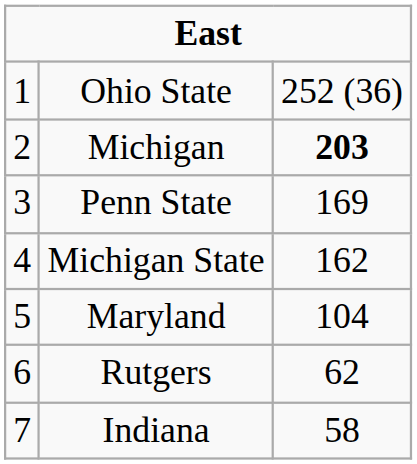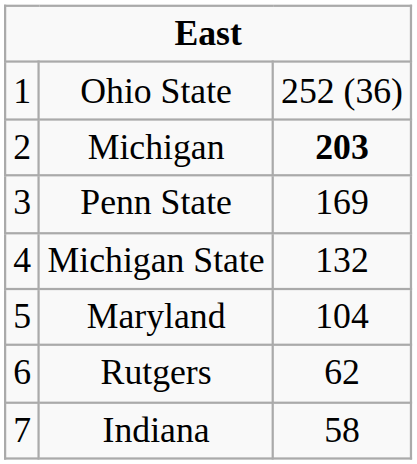 <table class="wikitable" style="display: inline-table;">
 <tr align="center">
 <td align="center" Colspan="3"><strong>East</strong><br></td>
 </tr>
 <tr align="center">
 <td>1</td>
 <td>Ohio State</td>
 <td>252 (36)</td>
 </tr>
 <tr align="center">
 <td>2</td>
 <td>Michigan</td>
 <td><strong>203</strong></td>
 </tr>
 <tr align="center">
 <td>3</td>
 <td>Penn State</td>
 <td>169</td>
 </tr>
 <tr align="center">
 <td>4</td>
 <td>Michigan State</td>
-<td>162</td>
+<td>132</td>
 </tr>
 <tr align="center">
 <td>5</td>
 <td>Maryland</td>
 <td>104</td>
 </tr>
 <tr align="center">
 <td>6</td>
 <td>Rutgers</td>
 <td>62</td>
 </tr>
 <tr align="center">
 <td>7</td>
 <td>Indiana</td>
 <td>58</td>
 </tr>
 </table>
